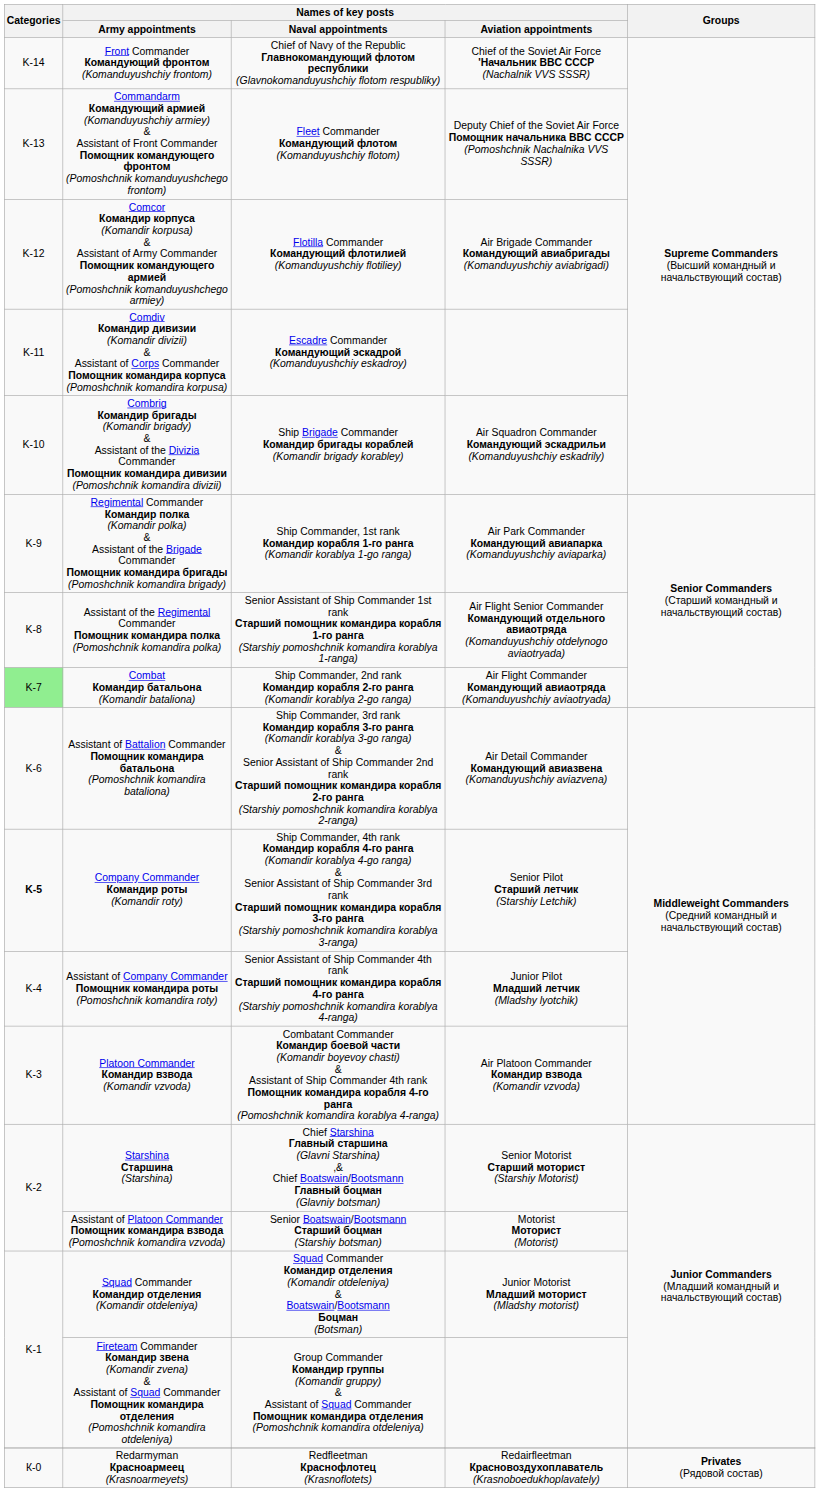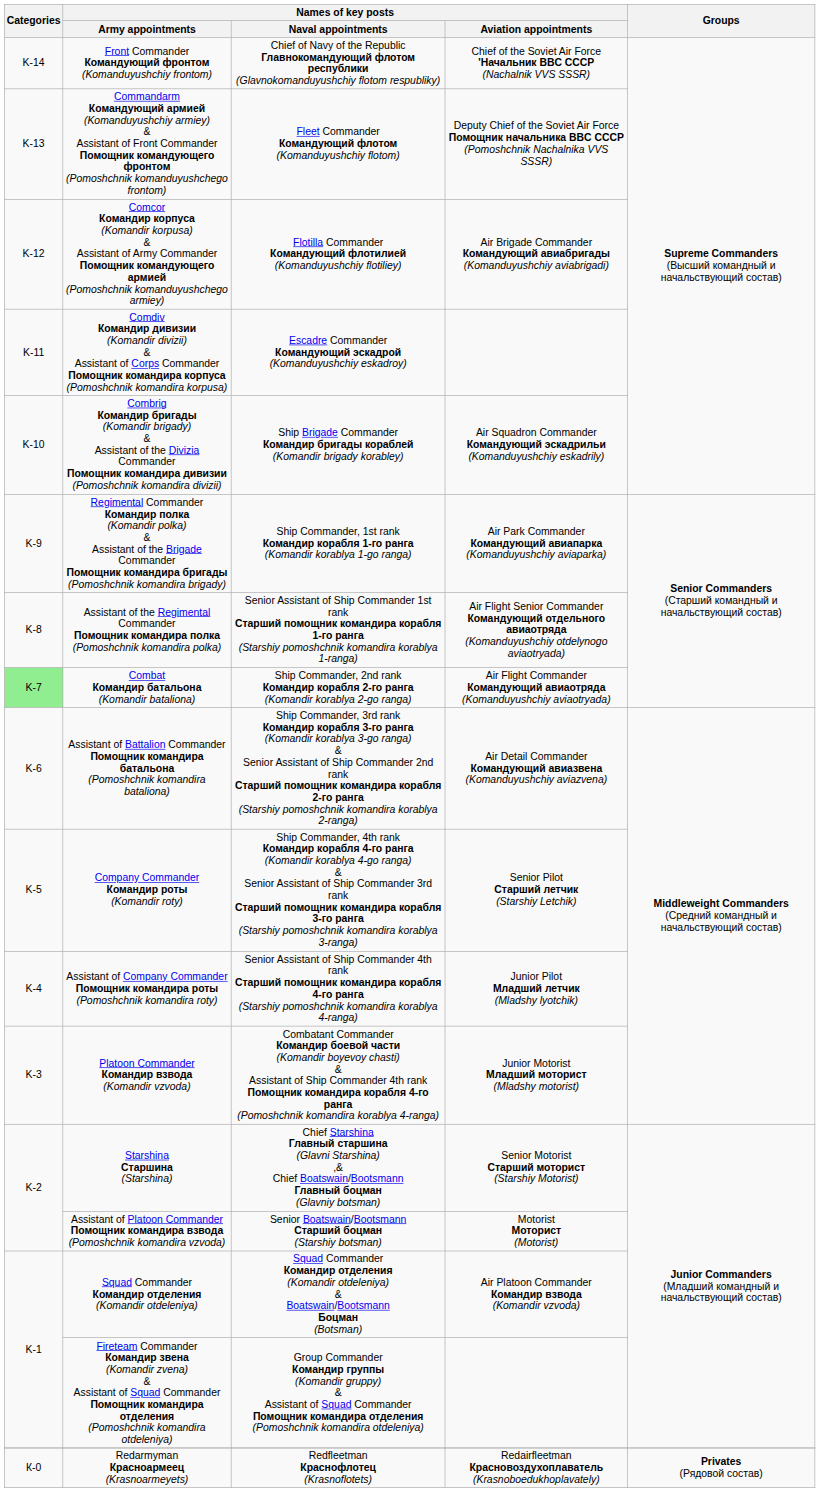 <table class="wikitable" style="text-align:center;">
 <tr>
 <th rowspan = "2">Categories</th>
 <th colspan = "3">Names of key posts</th>
 <th rowspan = "2">Groups</th>
 </tr>
 <tr>
 <th>Army appointments</th>
 <th>Naval appointments</th>
 <th>Aviation appointments</th>
 </tr>
 <tr>
 <td>K-14</td>
 <td><a href='#'>Front</a> Commander<br><strong>Командующий фронтом</strong><br><em>(Komanduyushchiy frontom)</em></td>
 <td>Chief of Navy of the Republic<br><strong>Главнокомандующий флотом республики</strong><br><em>(Glavnokomanduyushchiy flotom respubliky)</em><br></td>
 <td>Chief of the Soviet Air Force<br><strong>'Hачальник BBC CCCP</strong><br> <em>(Nachalnik VVS SSSR)</em><br></td>
 <td rowspan = "5"><strong>Supreme Commanders</strong><br>(Высший командный и начальствующий состав)</td>
 </tr>
 <tr>
 <td>K-13</td>
 <td><a href='#'>Commandarm</a><br><strong>Командующий армией</strong><br><em>(Komanduyushchiy armiey)</em><br>&<br>Assistant of Front Commander<br><strong>Помощник командующего фронтом </strong><br><em>(Pomoshchnik komanduyushchego frontom)</em></td>
 <td><a href='#'>Fleet</a> Commander<br><strong>Командующий флотом</strong><br><em>(Komanduyushchiy flotom)</em></td>
 <td>Deputy Chief of the Soviet Air Force <br><strong>Помощник начальника BBC CCCP</strong><br> <em>(Pomoshchnik Nachalnika VVS SSSR)</em><br></td>
 </tr>
 <tr>
 <td>K-12</td>
 <td><a href='#'>Comcor</a><br><strong>Командир корпуса</strong><br><em>(Komandir korpusa)</em><br>&<br>Assistant of Army Commander<br><strong>Помощник командующего армией</strong><br><em>(Pomoshchnik komanduyushchego armiey)</em></td>
 <td><a href='#'>Flotilla</a> Commander<br><strong>Командующий флотилией</strong><br><em>(Komanduyushchiy flotiliey)</em></td>
 <td>Air Brigade Commander<br><strong>Командующий авиабригады</strong><br> <em>(Komanduyushchiy aviabrigadi)</em></td>
 </tr>
 <tr>
 <td>K-11</td>
 <td><a href='#'>Comdiv</a><br><strong>Командир дивизии</strong><br><em>(Komandir divizii)</em><br>&<br>Assistant of <a href='#'>Corps</a> Commander <br><strong>Помощник командира корпуса </strong><br><em>(Pomoshchnik komandira korpusa)</em></td>
 <td><a href='#'>Escadre</a> Commander<br><strong>Командующий эскадрой</strong><br><em>(Komanduyushchiy eskadroy)</em></td>
 <td></td>
 </tr>
 <tr>
 <td>K-10</td>
 <td><a href='#'>Combrig</a><br><strong>Командир бригады</strong><br><em>(Komandir brigady)</em><br>&<br>Assistant of the <a href='#'>Divizia</a> Commander<br><strong>Помощник командира дивизии </strong><br><em>(Pomoshchnik komandira divizii)</em></td>
 <td>Ship <a href='#'>Brigade</a> Commander<br><strong>Командир бригады кораблей</strong><br><em>(Komandir brigady korabley)</em></td>
 <td>Air Squadron Commander<br> <strong>Командующий эскадрильи</strong><br> <em>(Komanduyushchiy eskadrily)</em></td>
 </tr>
 <tr>
 <td>K-9</td>
 <td><a href='#'>Regimental</a> Commander<br><strong>Командир полка</strong><br><em>(Komandir polka)</em><br>&<br>Assistant of the <a href='#'>Brigade</a> Commander<br><strong>Помощник командира бригады</strong><br><em>(Pomoshchnik komandira brigady)</em></td>
 <td>Ship Commander, 1st rank<br><strong>Командир корабля 1-го ранга</strong><br><em>(Komandir korablya 1-go ranga)</em></td>
 <td>Air Park Commander<br> <strong>Командующий авиапарка</strong><br> <em>(Komanduyushchiy aviaparka)</em></td>
 <td rowspan = "3"><strong>Senior Commanders</strong><br>(Старший командный и начальствующий состав)</td>
 </tr>
 <tr>
 <td>K-8</td>
 <td>Assistant of the <a href='#'>Regimental</a> Commander<br><strong>Помощник командира полка</strong><br><em>(Pomoshchnik komandira polka)</em></td>
 <td>Senior Assistant of Ship Commander 1st rank<br><strong>Старший помощник командира корабля 1-го ранга</strong><br><em>(Starshiy pomoshchnik komandira korablya 1-ranga)</em></td>
 <td>Air Flight Senior Commander<br> <strong>Командующий отдельного авиаотряда</strong><br> <em>(Komanduyushchiy otdelynogo aviaotryada)</em></td>
 </tr>
 <tr>
 <td style="background: lightgreen;">K-7</td>
 <td><a href='#'>Combat</a><br><strong>Командир батальона</strong><br><em>(Komandir bataliona)</em></td>
 <td>Ship Commander, 2nd rank<br><strong>Командир корабля 2-го ранга</strong><br><em>(Komandir korablya 2-go ranga)</em></td>
 <td>Air Flight Commander<br> <strong>Командующий авиаотряда</strong><br> <em>(Komanduyushchiy aviaotryada)</em></td>
 </tr>
 <tr>
 <td>K-6</td>
 <td>Assistant of <a href='#'>Battalion</a> Commander<br><strong>Помощник командира батальона</strong><br><em>(Pomoshchnik komandira bataliona)</em></td>
 <td>Ship Commander, 3rd rank<br><strong>Командир корабля 3-го ранга</strong><br><em>(Komandir korablya 3-go ranga)</em><br>&<br>Senior Assistant of Ship Commander 2nd rank<br><strong>Старший помощник командира корабля 2-го ранга</strong><br><em>(Starshiy pomoshchnik komandira korablya 2-ranga)</em></td>
 <td>Air Detail Commander<br> <strong>Командующий авиазвена</strong><br> <em>(Komanduyushchiy aviazvena)</em></td>
 <td rowspan = "4"><strong>Middleweight Commanders</strong><br>(Средний командный и начальствующий состав)</td>
 </tr>
 <tr>
-<td><strong>K-5</strong></td>
+<td>K-5</td>
 <td><a href='#'>Company Commander</a><br><strong>Командир роты</strong><br><em>(Komandir roty)</em></td>
 <td>Ship Commander, 4th rank<br><strong>Командир корабля 4-го ранга</strong><br><em>(Komandir korablya 4-go ranga)</em><br>&<br>Senior Assistant of Ship Commander 3rd rank<br><strong>Старший помощник командира корабля 3-го ранга</strong><br><em>(Starshiy pomoshchnik komandira korablya 3-ranga)</em></td>
 <td>Senior Pilot<br> <strong>Старший летчик</strong><br> <em>(Starshiy Letchik)</em></td>
 </tr>
 <tr>
 <td>K-4</td>
 <td>Assistant of <a href='#'>Company Commander</a><br><strong>Помощник командира роты</strong><br><em>(Pomoshchnik komandira roty)</em></td>
 <td>Senior Assistant of Ship Commander 4th rank<br><strong>Старший помощник командира корабля 4-го ранга</strong><br><em>(Starshiy pomoshchnik komandira korablya 4-ranga)</em></td>
 <td>Junior Pilot<br> <strong>Младший летчик</strong><br> <em>(Mladshy lyotchik)</em></td>
 </tr>
 <tr>
 <td>K-3</td>
 <td><a href='#'>Platoon Commander</a><br><strong>Командир взвода</strong><br><em>(Komandir vzvoda)</em></td>
 <td>Combatant Commander<br><strong>Командир боевой части</strong><br><em>(Komandir boyevoy chasti)</em><br>&<br>Assistant of Ship Commander 4th rank<br><strong>Помощник командира корабля 4-го ранга</strong><br><em>(Pomoshchnik komandira korablya 4-ranga)</em></td>
-<td>Air Platoon Commander<br> <strong>Командир взвода</strong><br> <em>(Komandir vzvoda)</em></td>
+<td>Junior Motorist<br> <strong>Младший моторист</strong><br> <em>(Mladshy motorist)</em></td>
 </tr>
 <tr>
 <td rowspan = "2">K-2</td>
 <td><a href='#'>Starshina</a><br><strong>Старшина</strong><br><em>(Starshina)</em></td>
 <td>Chief <a href='#'>Starshina</a><br><strong>Главный cтаршина</strong><br><em>(Glavni Starshina)</em><br>,&<br>Chief <a href='#'>Boatswain</a>/<a href='#'>Bootsmann</a><br><strong>Главный боцман</strong><br><em>(Glavniy botsman)</em></td>
 <td>Senior Motorist<br> <strong>Старший моторист</strong><br> <em>(Starshiy Motorist)</em></td>
 <td rowspan = "4"><strong>Junior Сommanders</strong><br>(Младший командный и начальствующий состав)</td>
 </tr>
 <tr>
 <td>Assistant of <a href='#'>Platoon Commander</a><br><strong>Помощник командира взвода</strong><br><em>(Pomoshchnik komandira vzvoda)</em></td>
 <td>Senior <a href='#'>Boatswain</a>/<a href='#'>Bootsmann</a><br><strong>Старший боцман</strong><br><em>(Starshiy botsman)</em></td>
 <td>Motorist<br> <strong>Mоторист</strong><br> <em>(Motorist)</em></td>
 </tr>
 <tr>
 <td rowspan = "2">K-1</td>
 <td><a href='#'>Squad</a> Commander<br><strong>Командир отделения</strong><br><em>(Komandir otdeleniya)</em></td>
 <td><a href='#'>Squad</a> Commander<br><strong>Командир отделения</strong><br><em>(Komandir otdeleniya)</em><br>&<br><a href='#'>Boatswain</a>/<a href='#'>Bootsmann</a><br><strong>Боцман</strong><br><em>(Botsman)</em></td>
-<td>Junior Motorist<br> <strong>Младший моторист</strong><br> <em>(Mladshy motorist)</em></td>
+<td>Air Platoon Commander<br> <strong>Командир взвода</strong><br> <em>(Komandir vzvoda)</em></td>
 </tr>
 <tr>
 <td><a href='#'>Fireteam</a> Commander<br><strong>Командир звена</strong><br><em>(Komandir zvena)</em><br>&<br>Assistant of <a href='#'>Squad</a> Commander<br><strong>Помощник командира отделения</strong><br><em>(Pomoshchnik komandira otdeleniya)</em></td>
 <td>Group Commander<br><strong>Командир группы</strong><br><em>(Komandir gruppy)</em><br>&<br>Assistant of <a href='#'>Squad</a> Commander<br><strong>Помощник командира отделения</strong><br><em>(Pomoshchnik komandira otdeleniya)</em></td>
 <td></td>
 </tr>
 <tr>
 </tr>
 <tr>
 <td>К-0</td>
 <td>Redarmyman<br><strong>Красноармеец</strong><br><em>(Krasnoarmeyets)</em></td>
 <td>Redfleetman<br><strong>Краснофлотец</strong><br><em>(Krasnoflotets)</em></td>
 <td rowspan = "1">Redairfleetman<br><strong>Красновоздухоплаватель</strong><br><em>(Krasnoboedukhoplavately)</em></td>
 <td><strong>Privates</strong><br>(Рядовой состав)</td>
 </tr>
 </table>
